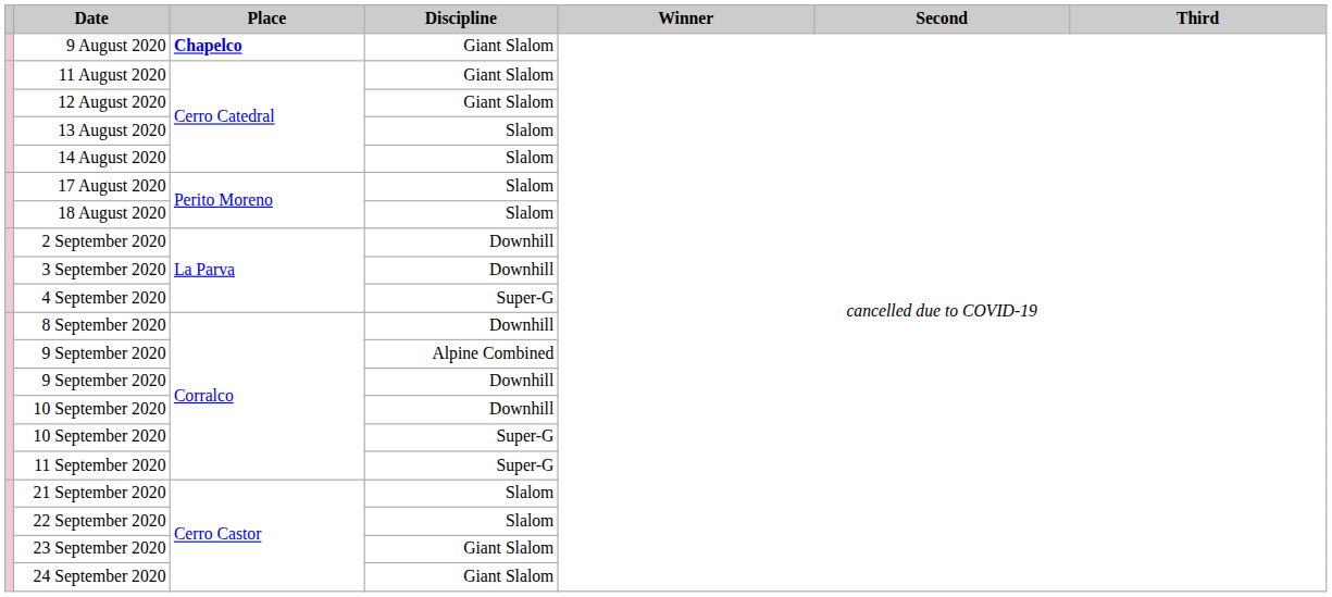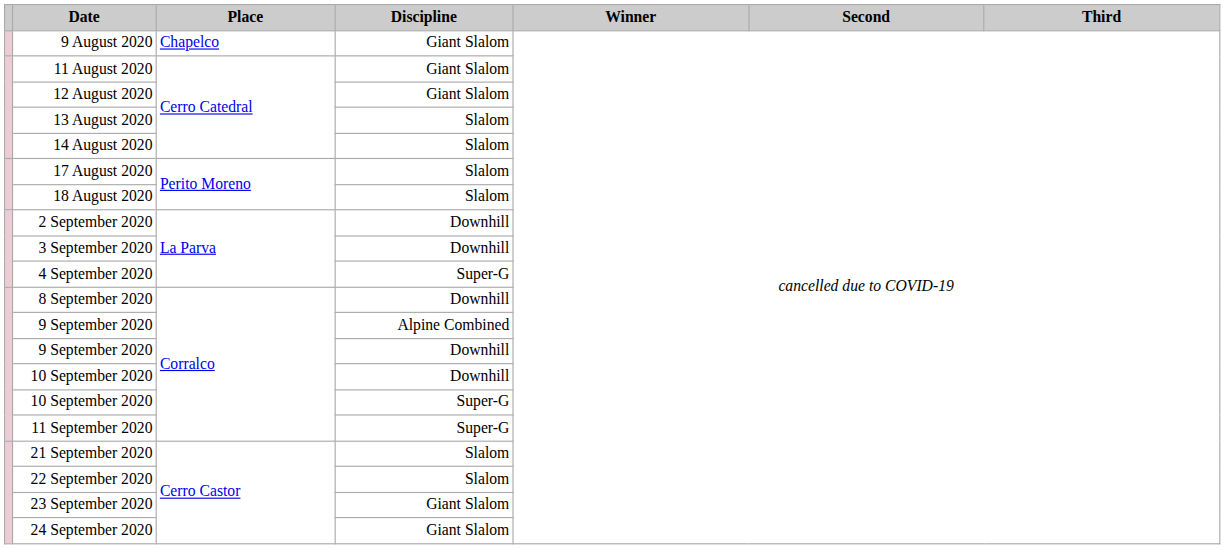 <table class="wikitable plainrowheaders" style="background:#fff; font-size:86%; line-height:16px; border:grey solid 1px; border-collapse:collapse;">
 <tr style="background:#ccc; text-align:center;">
 <th scope="col" style="background:#ccc; width=30 px;"></th>
 <th scope="col" style="background:#ccc; width:120px;">Date</th>
 <th scope="col" style="background:#ccc; width:150px;">Place</th>
 <th scope="col" style="background:#ccc; width:150px;">Discipline</th>
 <th scope="col" style="background:#ccc; width:200px;">Winner</th>
 <th scope="col" style="background:#ccc; width:200px;">Second</th>
 <th scope="col" style="background:#ccc; width:200px;">Third</th>
 </tr>
 <tr>
 <td bgcolor="EDCCD5"></td>
 <td align=right>9 August 2020</td>
-<td><strong> <a href='#'>Chapelco</a></strong></td>
+<td> <a href='#'>Chapelco</a></td>
 <td align=right>Giant Slalom</td>
 <td rowspan=20 colspan=3 align=center><em>cancelled due to COVID-19</em></td>
 </tr>
 <tr>
 <td rowspan=4 bgcolor="EDCCD5"></td>
 <td align=right>11 August 2020</td>
 <td rowspan=4> <a href='#'>Cerro Catedral</a></td>
 <td align=right>Giant Slalom</td>
 </tr>
 <tr>
 <td align=right>12 August 2020</td>
 <td align=right>Giant Slalom</td>
 </tr>
 <tr>
 <td align=right>13 August 2020</td>
 <td align=right>Slalom</td>
 </tr>
 <tr>
 <td align=right>14 August 2020</td>
 <td align=right>Slalom</td>
 </tr>
 <tr>
 <td rowspan=2 bgcolor="EDCCD5"></td>
 <td align=right>17 August 2020</td>
 <td rowspan=2> <a href='#'>Perito Moreno</a></td>
 <td align=right>Slalom</td>
 </tr>
 <tr>
 <td align=right>18 August 2020</td>
 <td align=right>Slalom</td>
 </tr>
 <tr>
 <td rowspan=3 bgcolor="EDCCD5"></td>
 <td align=right>2 September 2020</td>
 <td rowspan=3> <a href='#'>La Parva</a></td>
 <td align=right>Downhill</td>
 </tr>
 <tr>
 <td align=right>3 September 2020</td>
 <td align=right>Downhill</td>
 </tr>
 <tr>
 <td align=right>4 September 2020</td>
 <td align=right>Super-G</td>
 </tr>
 <tr>
 <td rowspan=6 bgcolor="EDCCD5"></td>
 <td align=right>8 September 2020</td>
 <td rowspan=6> <a href='#'>Corralco</a></td>
 <td align=right>Downhill</td>
 </tr>
 <tr>
 <td align=right>9 September 2020</td>
 <td align=right>Alpine Combined</td>
 </tr>
 <tr>
 <td align=right>9 September 2020</td>
 <td align=right>Downhill</td>
 </tr>
 <tr>
 <td align=right>10 September 2020</td>
 <td align=right>Downhill</td>
 </tr>
 <tr>
 <td align=right>10 September 2020</td>
 <td align=right>Super-G</td>
 </tr>
 <tr>
 <td align=right>11 September 2020</td>
 <td align=right>Super-G</td>
 </tr>
 <tr>
 <td rowspan=4 bgcolor="EDCCD5"></td>
 <td align=right>21 September 2020</td>
 <td rowspan=4> <a href='#'>Cerro Castor</a></td>
 <td align=right>Slalom</td>
 </tr>
 <tr>
 <td align=right>22 September 2020</td>
 <td align=right>Slalom</td>
 </tr>
 <tr>
 <td align=right>23 September 2020</td>
 <td align=right>Giant Slalom</td>
 </tr>
 <tr>
 <td align=right>24 September 2020</td>
 <td align=right>Giant Slalom</td>
 </tr>
 </table>
